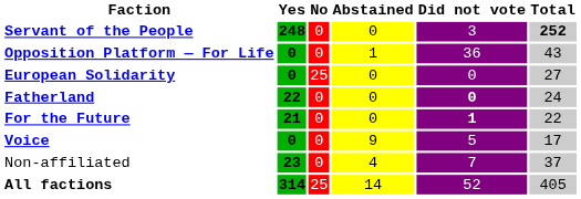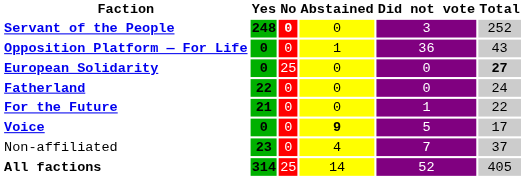 <table>
 <tr>
 <th>Faction</th>
 <th>Yes</th>
 <th>No</th>
 <th>Abstained</th>
 <th>Did not vote</th>
 <th>Total</th>
 </tr>
 <tr ---->
 <td><strong><a href='#'>Servant of the People</a></strong></td>
 <td style="text-align:center;background-color:#00B000;"><strong>248</strong></td>
-<td style="text-align:center;background-color:red;color:white;">0</td>
+<td style="text-align:center;background-color:red;color:white;"><strong>0</strong></td>
 <td style="text-align:center;background-color:yellow;">0</td>
 <td style="text-align:center;background-color:purple;color:white;">3</td>
-<td style="text-align:center;background-color:#cccccc;"><strong>252</strong></td>
+<td style="text-align:center;background-color:#cccccc;">252</td>
 </tr>
 <tr ---->
 <td><strong><a href='#'>Opposition Platform — For Life</a></strong></td>
 <td style="text-align:center;background-color:#00B000;"><strong>0</strong></td>
 <td style="text-align:center;background-color:red;color:white;">0</td>
 <td style="text-align:center;background-color:yellow;">1</td>
 <td style="text-align:center;background-color:purple;color:white;">36</td>
 <td style="text-align:center;background-color:#cccccc;">43</td>
 </tr>
 <tr ---->
 <td><strong><a href='#'>European Solidarity</a></strong></td>
 <td style="text-align:center;background-color:#00B000;"><strong>0</strong></td>
 <td style="text-align:center;background-color:red;color:white;">25</td>
 <td style="text-align:center;background-color:yellow;">0</td>
 <td style="text-align:center;background-color:purple;color:white;">0</td>
-<td style="text-align:center;background-color:#cccccc;">27</td>
+<td style="text-align:center;background-color:#cccccc;"><strong>27</strong></td>
 </tr>
 <tr ---->
 <td><strong><a href='#'>Fatherland</a></strong></td>
 <td style="text-align:center;background-color:#00B000;"><strong>22</strong></td>
 <td style="text-align:center;background-color:red;color:white;">0</td>
 <td style="text-align:center;background-color:yellow;">0</td>
-<td style="text-align:center;background-color:purple;color:white;"><strong>0</strong></td>
+<td style="text-align:center;background-color:purple;color:white;">0</td>
 <td style="text-align:center;background-color:#cccccc;">24</td>
 </tr>
 <tr ---->
 <td><strong><a href='#'>For the Future</a></strong></td>
 <td style="text-align:center;background-color:#00B000;"><strong>21</strong></td>
 <td style="text-align:center;background-color:red;color:white;">0</td>
 <td style="text-align:center;background-color:yellow;">0</td>
-<td style="text-align:center;background-color:purple;color:white;"><strong>1</strong></td>
+<td style="text-align:center;background-color:purple;color:white;">1</td>
 <td style="text-align:center;background-color:#cccccc;">22</td>
 </tr>
 <tr ---->
 <td><strong><a href='#'>Voice</a></strong></td>
 <td style="text-align:center;background-color:#00B000;"><strong>0</strong></td>
 <td style="text-align:center;background-color:red;color:white;">0</td>
-<td style="text-align:center;background-color:yellow;">9</td>
+<td style="text-align:center;background-color:yellow;"><strong>9</strong></td>
 <td style="text-align:center;background-color:purple;color:white;">5</td>
 <td style="text-align:center;background-color:#cccccc;">17</td>
 </tr>
 <tr ---->
 <td>Non-affiliated</td>
 <td style="text-align:center;background-color:#00B000;"><strong>23</strong></td>
 <td style="text-align:center;background-color:red;color:white;">0</td>
 <td style="text-align:center;background-color:yellow;">4</td>
 <td style="text-align:center;background-color:purple;color:white;">7</td>
 <td style="text-align:center;background-color:#cccccc;">37</td>
 </tr>
 <tr ---->
 <td><strong>All factions</strong></td>
 <td style="text-align:center;background-color:#00B000;"><strong>314</strong></td>
 <td style="text-align:center;background-color:red;color:white;">25</td>
 <td style="text-align:center;background-color:yellow;">14</td>
 <td style="text-align:center;background-color:purple;color:white;">52</td>
 <td style="text-align:center;background-color:#cccccc;">405</td>
 </tr>
 <tr>
 </tr>
 </table>
